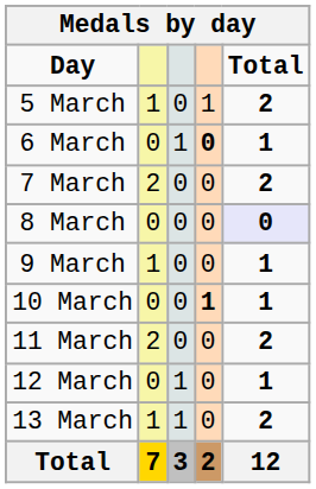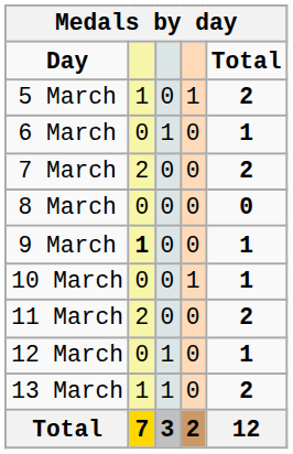 <table class="wikitable" style="font-size:85%">
 <tr style="background:#efefef;">
 <th colspan=7><strong>Medals by day</strong></th>
 </tr>
 <tr align=center>
 <td><strong>Day</strong></td>
 <td bgcolor=#f7f6a8></td>
 <td bgcolor=#dce5e5></td>
 <td bgcolor=#ffdab9></td>
 <td><strong>Total</strong></td>
 </tr>
 <tr align=center>
 <td>5 March</td>
 <td style="background:#F7F6A8;">1</td>
 <td style="background:#DCE5E5;">0</td>
 <td style="background:#FFDAB9;">1</td>
 <td><strong>2</strong></td>
 </tr>
 <tr align=center>
 <td>6 March</td>
 <td style="background:#F7F6A8;">0</td>
 <td style="background:#DCE5E5;">1</td>
-<td style="background:#FFDAB9;"><strong>0</strong></td>
+<td style="background:#FFDAB9;">0</td>
 <td><strong>1</strong></td>
 </tr>
 <tr align=center>
 <td>7 March</td>
 <td style="background:#F7F6A8;">2</td>
 <td style="background:#DCE5E5;">0</td>
 <td style="background:#FFDAB9;">0</td>
 <td><strong>2</strong></td>
 </tr>
 <tr align=center>
 <td>8 March</td>
 <td style="background:#F7F6A8;">0</td>
 <td style="background:#DCE5E5;">0</td>
 <td style="background:#FFDAB9;">0</td>
-<td style="background: lavender;"><strong>0</strong></td>
+<td><strong>0</strong></td>
 </tr>
 <tr align=center>
 <td>9 March</td>
-<td style="background:#F7F6A8;">1</td>
+<td style="background:#F7F6A8;"><strong>1</strong></td>
 <td style="background:#DCE5E5;">0</td>
 <td style="background:#FFDAB9;">0</td>
 <td><strong>1</strong></td>
 </tr>
 <tr align=center>
 <td>10 March</td>
 <td style="background:#F7F6A8;">0</td>
 <td style="background:#DCE5E5;">0</td>
-<td style="background:#FFDAB9;"><strong>1</strong></td>
+<td style="background:#FFDAB9;">1</td>
 <td><strong>1</strong></td>
 </tr>
 <tr align=center>
 <td>11 March</td>
 <td style="background:#F7F6A8;">2</td>
 <td style="background:#DCE5E5;">0</td>
 <td style="background:#FFDAB9;">0</td>
 <td><strong>2</strong></td>
 </tr>
 <tr align=center>
 <td>12 March</td>
 <td style="background:#F7F6A8;">0</td>
 <td style="background:#DCE5E5;">1</td>
 <td style="background:#FFDAB9;">0</td>
 <td><strong>1</strong></td>
 </tr>
 <tr align=center>
 <td>13 March</td>
 <td style="background:#F7F6A8;">1</td>
 <td style="background:#DCE5E5;">1</td>
 <td style="background:#FFDAB9;">0</td>
 <td><strong>2</strong></td>
 </tr>
 <tr align=center>
 <th><strong>Total</strong></th>
 <th style="background:gold;"><strong>7</strong></th>
 <th style="background:silver;"><strong>3</strong></th>
 <th style="background:#c96;"><strong>2</strong></th>
 <th><strong>12</strong></th>
 </tr>
 </table>
